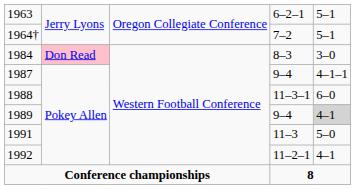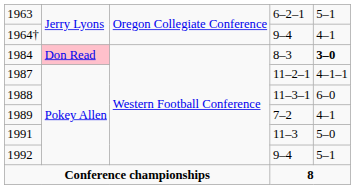 <table class="wikitable">
 <tr>
 <td>1963</td>
 <td rowspan="2"><a href='#'>Jerry Lyons</a></td>
 <td rowspan="2"><a href='#'>Oregon Collegiate Conference</a></td>
 <td>6–2–1</td>
 <td>5–1</td>
 </tr>
 <tr>
 <td>1964†</td>
-<td>7–2</td>
-<td>5–1</td>
+<td>9–4</td>
+<td>4–1</td>
 </tr>
 <tr>
 <td>1984</td>
 <td style="background: pink;"><a href='#'>Don Read</a></td>
 <td rowspan="6"><a href='#'>Western Football Conference</a></td>
 <td>8–3</td>
-<td>3–0</td>
+<td><strong>3–0</strong></td>
 </tr>
 <tr>
 <td>1987</td>
 <td rowspan="5"><a href='#'>Pokey Allen</a></td>
-<td>9–4</td>
+<td>11–2–1</td>
 <td>4–1–1</td>
 </tr>
 <tr>
 <td>1988</td>
 <td>11–3–1</td>
 <td>6–0</td>
 </tr>
 <tr>
 <td>1989</td>
-<td>9–4</td>
-<td style="background: lightgrey;">4–1</td>
+<td>7–2</td>
+<td>4–1</td>
 </tr>
 <tr>
 <td>1991</td>
 <td>11–3</td>
 <td>5–0</td>
 </tr>
 <tr>
 <td>1992</td>
-<td>11–2–1</td>
-<td>4–1</td>
+<td>9–4</td>
+<td>5–1</td>
 </tr>
 <tr align="center">
 <td colspan=3><strong>Conference championships</strong></td>
 <td colspan=3><strong>8</strong></td>
 </tr>
 </table>
